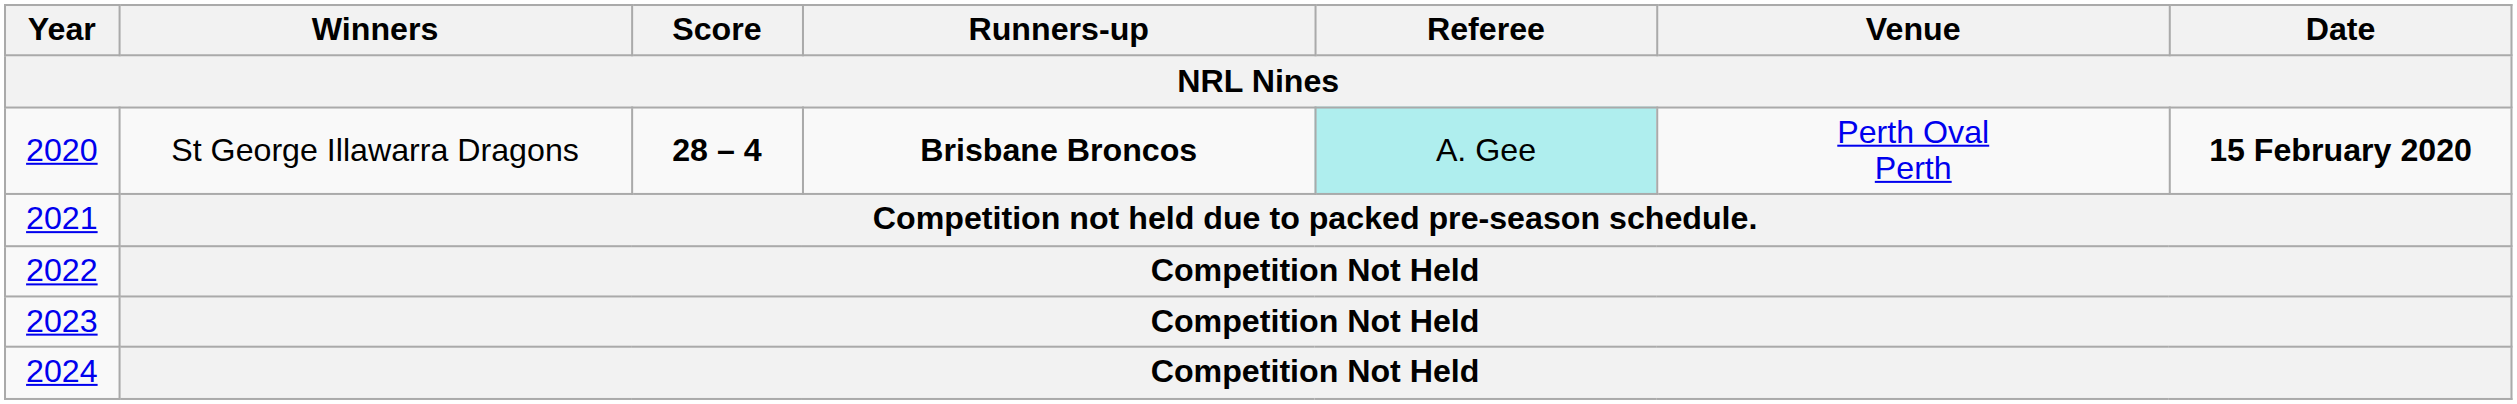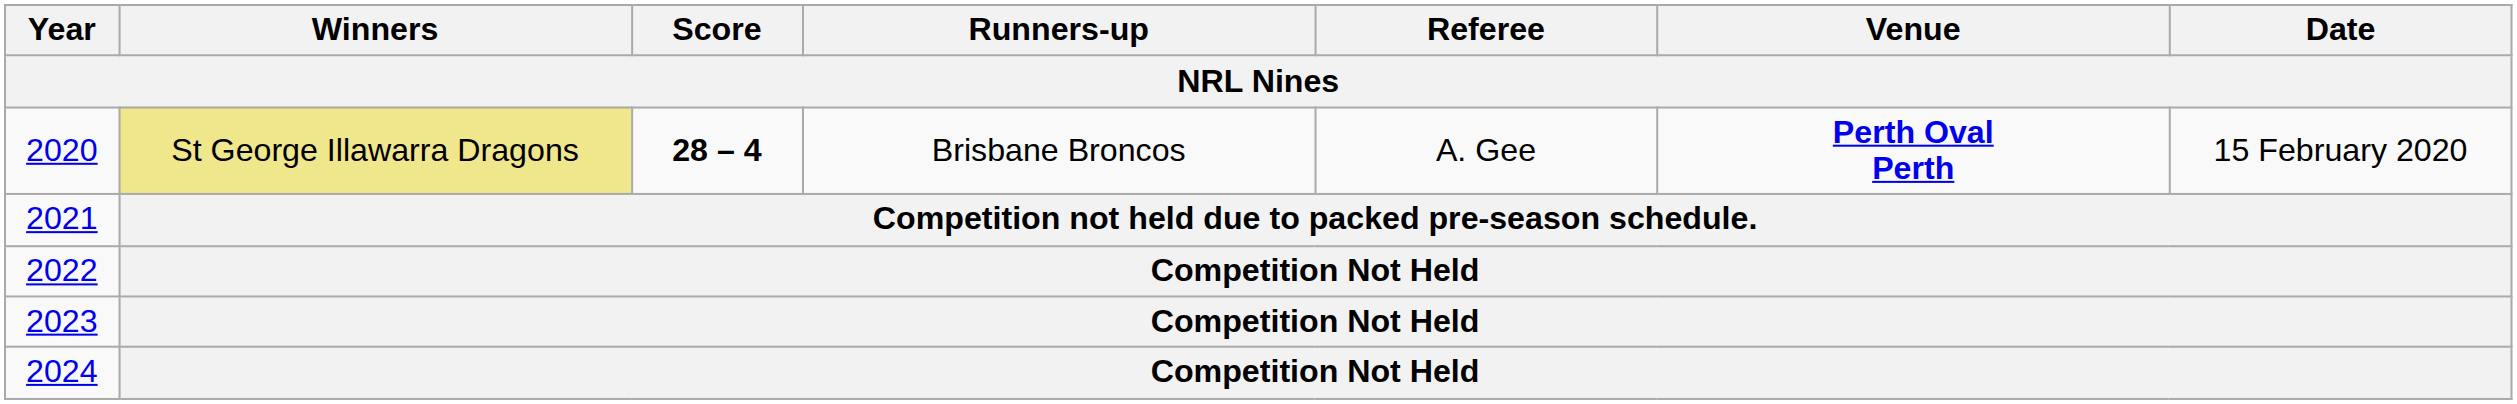 <table class="wikitable sortable" style="text-align:center;">
 <tr>
 <th width="3%">Year</th>
 <th width="15%">Winners</th>
 <th width="5%">Score</th>
 <th width="15%">Runners-up</th>
 <th width="10%">Referee</th>
 <th width="15%">Venue</th>
 <th width="10%">Date</th>
 </tr>
 <tr>
 <th colspan="7">NRL Nines</th>
 </tr>
 <tr>
 <td><a href='#'>2020</a></td>
-<td> St George Illawarra Dragons</td>
+<td style="background: khaki;"> St George Illawarra Dragons</td>
 <td><strong>28 – 4</strong></td>
-<td><strong> Brisbane Broncos</strong></td>
-<td style="background: paleturquoise;">A. Gee</td>
-<td><a href='#'>Perth Oval</a><br><a href='#'>Perth</a></td>
-<td><strong>15 February 2020</strong></td>
+<td> Brisbane Broncos</td>
+<td>A. Gee</td>
+<td><strong><a href='#'>Perth Oval</a><br><a href='#'>Perth</a></strong></td>
+<td>15 February 2020</td>
 </tr>
 <tr>
 <td><a href='#'>2021</a></td>
 <th colspan="6">Competition not held due to packed pre-season schedule.</th>
 </tr>
 <tr>
 <td><a href='#'>2022</a></td>
 <th colspan="6">Competition Not Held</th>
 </tr>
 <tr>
 <td><a href='#'>2023</a></td>
 <th colspan="6">Competition Not Held</th>
 </tr>
 <tr>
 <td><a href='#'>2024</a></td>
 <th colspan="6">Competition Not Held</th>
 </tr>
 </table>
